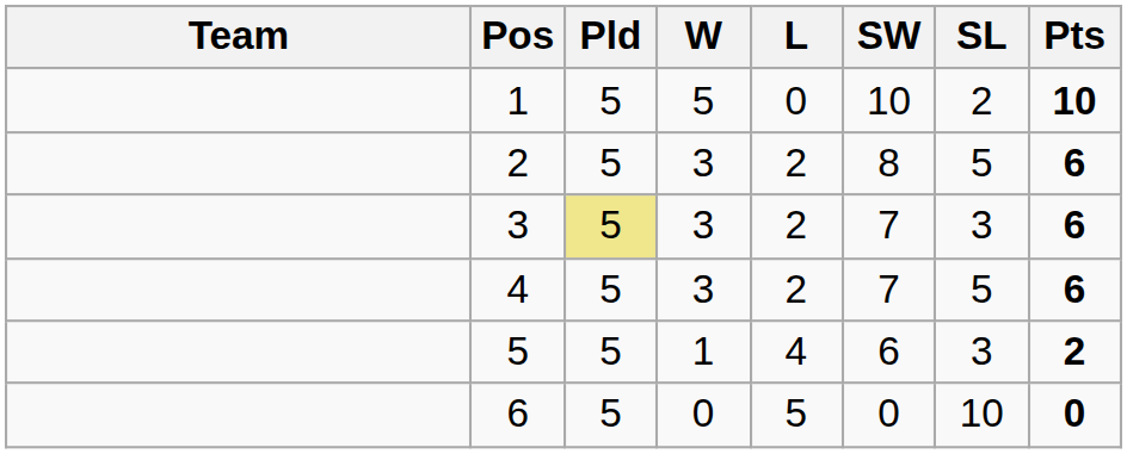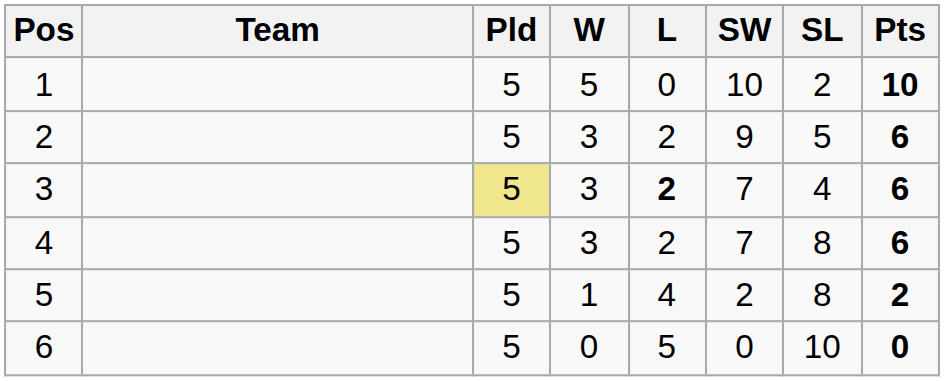 <table class="wikitable" style="text-align: center;">
 <tr>
+<th width="30">Pos</th>
 <th width="180">Team</th>
-<th width="30">Pos</th>
 <th width="30">Pld</th>
 <th width="30">W</th>
 <th width="30">L</th>
 <th width="30">SW</th>
 <th width="30">SL</th>
 <th width="30">Pts</th>
 </tr>
 <tr>
+<td>1</td>
 <td align="left"></td>
-<td>1</td>
 <td>5</td>
 <td>5</td>
 <td>0</td>
 <td>10</td>
 <td>2</td>
 <td><strong>10</strong></td>
 </tr>
 <tr>
+<td>2</td>
 <td align="left"></td>
-<td>2</td>
 <td>5</td>
 <td>3</td>
 <td>2</td>
-<td>8</td>
+<td>9</td>
 <td>5</td>
 <td><strong>6</strong></td>
 </tr>
 <tr>
+<td>3</td>
 <td align="left"></td>
-<td>3</td>
 <td style="background: khaki;">5</td>
 <td>3</td>
-<td>2</td>
+<td><strong>2</strong></td>
 <td>7</td>
-<td>3</td>
+<td>4</td>
 <td><strong>6</strong></td>
 </tr>
 <tr>
+<td>4</td>
 <td align="left"></td>
-<td>4</td>
 <td>5</td>
 <td>3</td>
 <td>2</td>
 <td>7</td>
-<td>5</td>
+<td>8</td>
 <td><strong>6</strong></td>
 </tr>
 <tr>
+<td>5</td>
 <td align="left"></td>
-<td>5</td>
 <td>5</td>
 <td>1</td>
 <td>4</td>
-<td>6</td>
-<td>3</td>
+<td>2</td>
+<td>8</td>
 <td><strong>2</strong></td>
 </tr>
 <tr>
+<td>6</td>
 <td align="left"></td>
-<td>6</td>
 <td>5</td>
 <td>0</td>
 <td>5</td>
 <td>0</td>
 <td>10</td>
 <td><strong>0</strong></td>
 </tr>
 </table>
